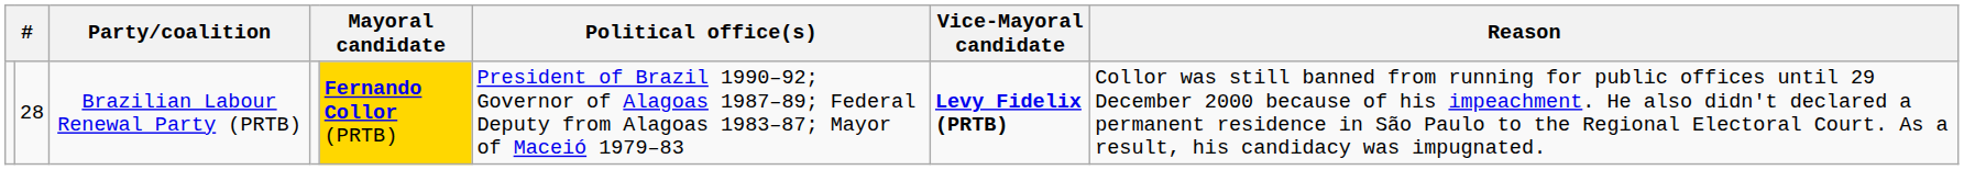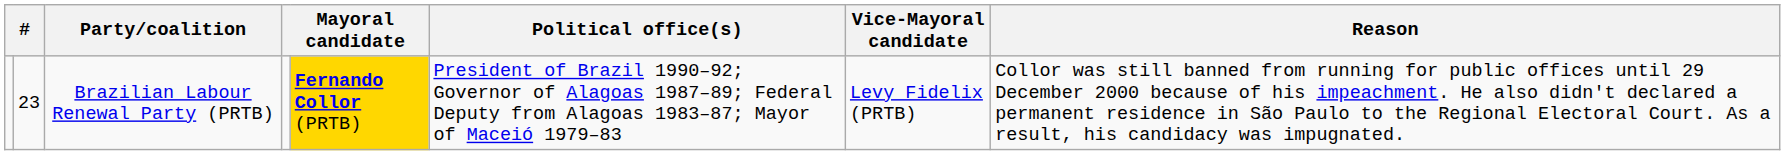 <table class="wikitable">
 <tr>
 <th colspan=2>#</th>
 <th>Party/coalition</th>
 <th colspan=2>Mayoral candidate</th>
 <th>Political office(s)</th>
 <th>Vice-Mayoral candidate</th>
 <th>Reason</th>
 </tr>
 <tr>
 <td style="background:"></td>
-<td>28</td>
+<td>23</td>
 <td style="text-align:center;"><a href='#'>Brazilian Labour Renewal Party</a> (PRTB)</td>
 <td style="text-align:center;"></td>
 <td style="background: gold;"><strong><a href='#'>Fernando Collor</a></strong> (PRTB)</td>
 <td><a href='#'>President of Brazil</a> 1990–92; Governor of <a href='#'>Alagoas</a> 1987–89; Federal Deputy from Alagoas 1983–87; Mayor of <a href='#'>Maceió</a> 1979–83</td>
-<td><strong><a href='#'>Levy Fidelix</a> (PRTB)</strong></td>
+<td><a href='#'>Levy Fidelix</a> (PRTB)</td>
 <td>Collor was still banned from running for public offices until 29 December 2000 because of his <a href='#'>impeachment</a>. He also didn't declared a permanent residence in São Paulo to the Regional Electoral Court. As a result, his candidacy was impugnated.</td>
 </tr>
 </table>
